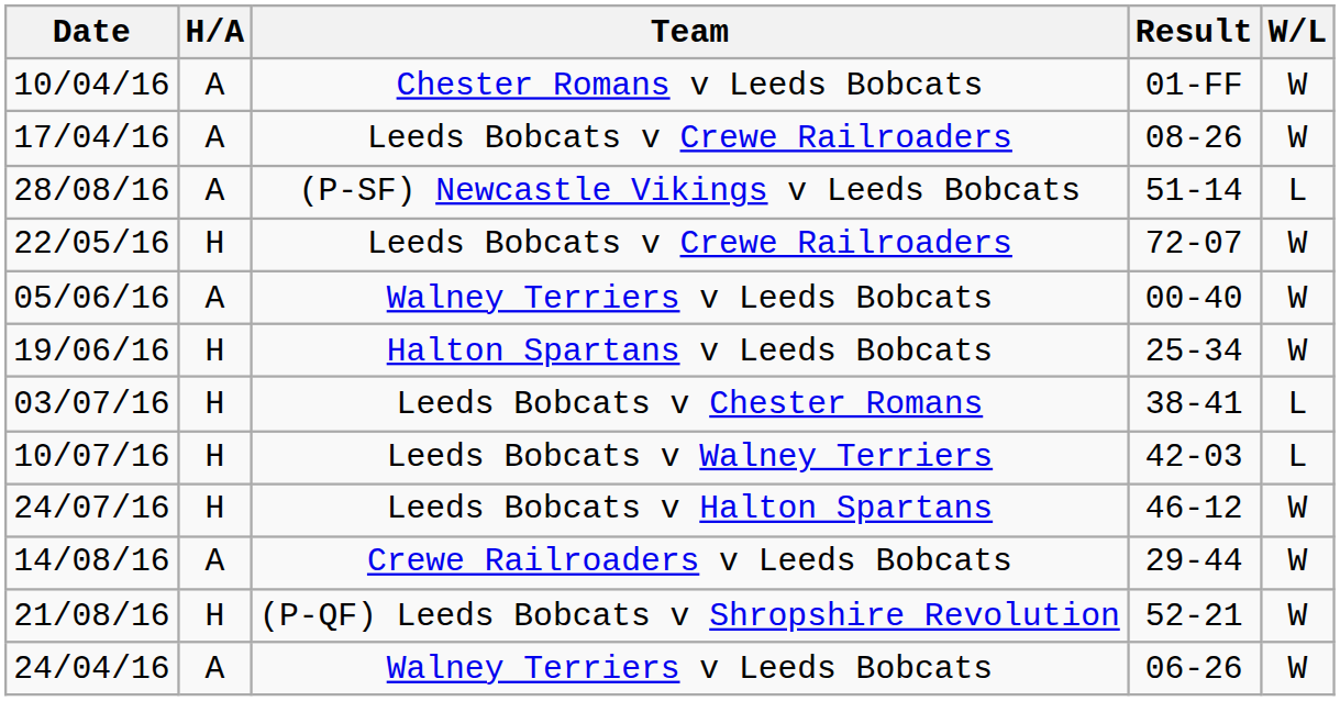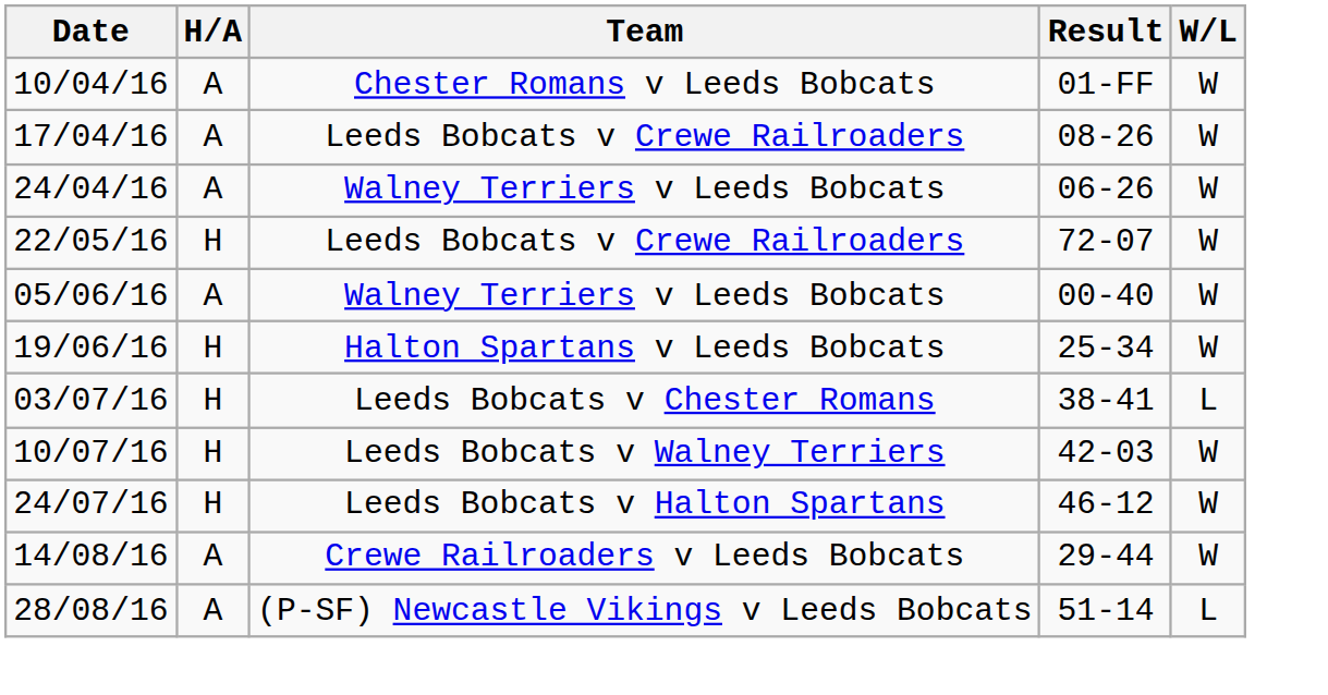 <table class="wikitable" style="text-align: center;">
 <tr>
 <th>Date</th>
 <th>H/A</th>
 <th>Team</th>
 <th>Result</th>
 <th>W/L</th>
 </tr>
 <tr>
 <td>10/04/16</td>
 <td>A</td>
 <td><a href='#'>Chester Romans</a> v Leeds Bobcats</td>
 <td>01-FF</td>
 <td>W</td>
 </tr>
 <tr>
 <td>17/04/16</td>
 <td>A</td>
 <td>Leeds Bobcats v <a href='#'>Crewe Railroaders</a></td>
 <td>08-26</td>
 <td>W</td>
 </tr>
 <tr>
-<td>28/08/16</td>
+<td>24/04/16</td>
 <td>A</td>
-<td>(P-SF) <a href='#'>Newcastle Vikings</a> v Leeds Bobcats</td>
-<td>51-14</td>
-<td>L</td>
+<td><a href='#'>Walney Terriers</a> v Leeds Bobcats</td>
+<td>06-26</td>
+<td>W</td>
 </tr>
 <tr>
 <td>22/05/16</td>
 <td>H</td>
 <td>Leeds Bobcats v <a href='#'>Crewe Railroaders</a></td>
 <td>72-07</td>
 <td>W</td>
 </tr>
 <tr>
 <td>05/06/16</td>
 <td>A</td>
 <td><a href='#'>Walney Terriers</a> v Leeds Bobcats</td>
 <td>00-40</td>
 <td>W</td>
 </tr>
 <tr>
 <td>19/06/16</td>
 <td>H</td>
 <td><a href='#'>Halton Spartans</a> v Leeds Bobcats</td>
 <td>25-34</td>
 <td>W</td>
 </tr>
 <tr>
 <td>03/07/16</td>
 <td>H</td>
 <td>Leeds Bobcats v <a href='#'>Chester Romans</a></td>
 <td>38-41</td>
 <td>L</td>
 </tr>
 <tr>
 <td>10/07/16</td>
 <td>H</td>
 <td>Leeds Bobcats v <a href='#'>Walney Terriers</a></td>
 <td>42-03</td>
-<td>L</td>
+<td>W</td>
 </tr>
 <tr>
 <td>24/07/16</td>
 <td>H</td>
 <td>Leeds Bobcats v <a href='#'>Halton Spartans</a></td>
 <td>46-12</td>
 <td>W</td>
 </tr>
 <tr>
 <td>14/08/16</td>
 <td>A</td>
 <td><a href='#'>Crewe Railroaders</a> v Leeds Bobcats</td>
 <td>29-44</td>
 <td>W</td>
 </tr>
 <tr>
-<td>21/08/16</td>
-<td>H</td>
-<td>(P-QF) Leeds Bobcats v <a href='#'>Shropshire Revolution</a></td>
-<td>52-21</td>
-<td>W</td>
-</tr>
-<tr>
-<td>24/04/16</td>
+<td>28/08/16</td>
 <td>A</td>
-<td><a href='#'>Walney Terriers</a> v Leeds Bobcats</td>
-<td>06-26</td>
-<td>W</td>
+<td>(P-SF) <a href='#'>Newcastle Vikings</a> v Leeds Bobcats</td>
+<td>51-14</td>
+<td>L</td>
 </tr>
 </table>
